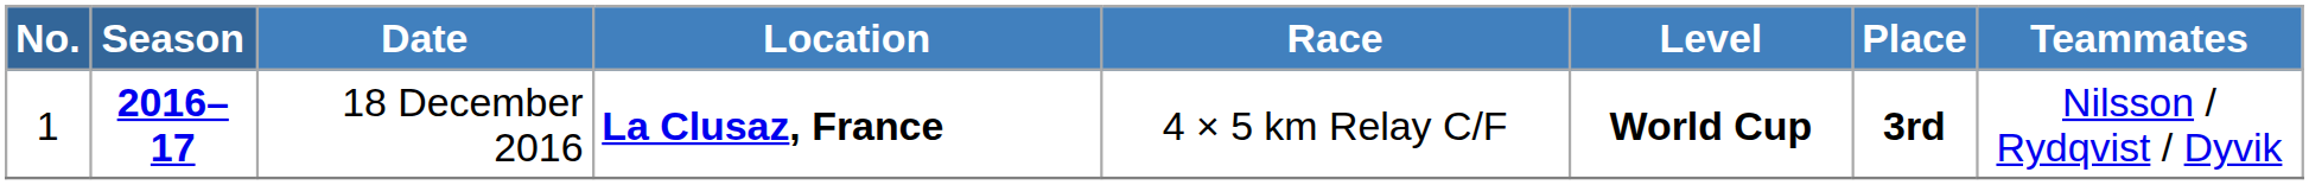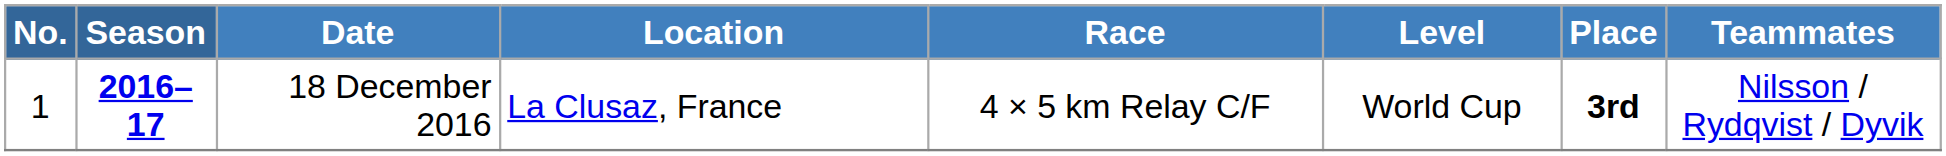 <table class="wikitable sortable" style="font-size:95%; text-align:center; border:grey solid 1px; border-collapse:collapse; background:#ffffff;">
 <tr style="background:#efefef;">
 <th style="background-color:#369; color:white;">No.</th>
 <th style="background-color:#369; color:white;">Season</th>
 <th style="background-color:#4180be; color:white; width:120px;">Date</th>
 <th style="background-color:#4180be; color:white; width:185px;">Location</th>
 <th style="background-color:#4180be; color:white; width:170px;">Race</th>
 <th style="background-color:#4180be; color:white; width:100px;">Level</th>
 <th style="background-color:#4180be; color:white;">Place</th>
 <th style="background-color:#4180be; color:white;">Teammates</th>
 </tr>
 <tr>
 <td align=center>1</td>
 <td rowspan=1 align=center><strong><a href='#'>2016–17</a></strong></td>
 <td align=right>18 December 2016</td>
-<td align=left><strong> <a href='#'>La Clusaz</a>, France</strong></td>
+<td align=left> <a href='#'>La Clusaz</a>, France</td>
 <td>4 × 5 km Relay C/F</td>
-<td><strong>World Cup</strong></td>
+<td>World Cup</td>
 <td><strong>3rd</strong></td>
 <td><a href='#'>Nilsson</a> / <a href='#'>Rydqvist</a> / <a href='#'>Dyvik</a></td>
 </tr>
 <tr>
 </tr>
 </table>
